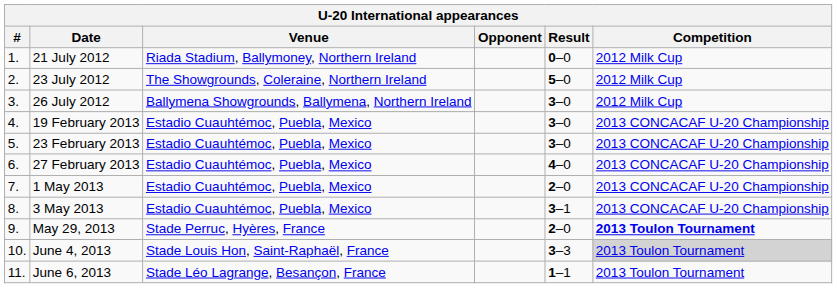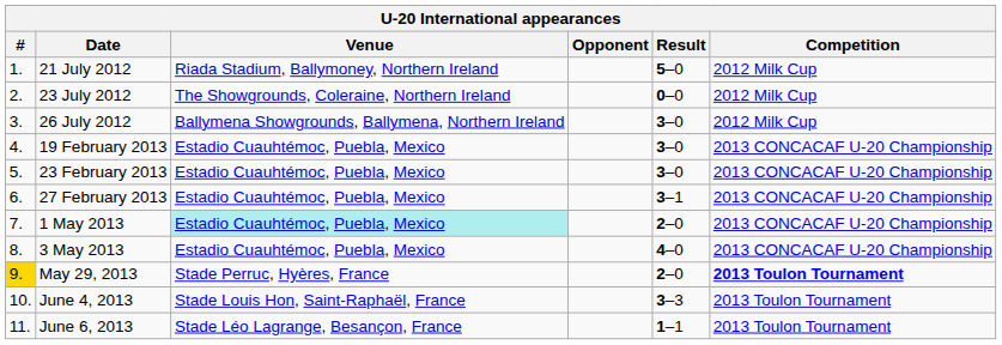 <table class="wikitable collapsible collapsed" style="font-size:90%">
 <tr>
 <th colspan="7"><strong> U-20 International appearances</strong></th>
 </tr>
 <tr>
 <th>#</th>
 <th>Date</th>
 <th>Venue</th>
 <th>Opponent</th>
 <th>Result</th>
 <th>Competition</th>
 </tr>
 <tr>
 <td>1.</td>
 <td>21 July 2012</td>
 <td><a href='#'>Riada Stadium</a>, <a href='#'>Ballymoney</a>, <a href='#'>Northern Ireland</a></td>
 <td></td>
-<td><strong>0</strong>–0</td>
+<td><strong>5</strong>–0</td>
 <td><a href='#'>2012 Milk Cup</a></td>
 </tr>
 <tr>
 <td>2.</td>
 <td>23 July 2012</td>
 <td><a href='#'>The Showgrounds</a>, <a href='#'>Coleraine</a>, <a href='#'>Northern Ireland</a></td>
 <td></td>
-<td><strong>5</strong>–0</td>
+<td><strong>0</strong>–0</td>
 <td><a href='#'>2012 Milk Cup</a></td>
 </tr>
 <tr>
 <td>3.</td>
 <td>26 July 2012</td>
 <td><a href='#'>Ballymena Showgrounds</a>, <a href='#'>Ballymena</a>, <a href='#'>Northern Ireland</a></td>
 <td></td>
 <td><strong>3</strong>–0</td>
 <td><a href='#'>2012 Milk Cup</a></td>
 </tr>
 <tr>
 <td>4.</td>
 <td>19 February 2013</td>
 <td><a href='#'>Estadio Cuauhtémoc</a>, <a href='#'>Puebla</a>, <a href='#'>Mexico</a></td>
 <td></td>
 <td><strong>3</strong>–0</td>
 <td><a href='#'>2013 CONCACAF U-20 Championship</a></td>
 </tr>
 <tr>
 <td>5.</td>
 <td>23 February 2013</td>
 <td><a href='#'>Estadio Cuauhtémoc</a>, <a href='#'>Puebla</a>, <a href='#'>Mexico</a></td>
 <td></td>
 <td><strong>3</strong>–0</td>
 <td><a href='#'>2013 CONCACAF U-20 Championship</a></td>
 </tr>
 <tr>
 <td>6.</td>
 <td>27 February 2013</td>
 <td><a href='#'>Estadio Cuauhtémoc</a>, <a href='#'>Puebla</a>, <a href='#'>Mexico</a></td>
 <td></td>
-<td><strong>4</strong>–0</td>
+<td><strong>3</strong>–1</td>
 <td><a href='#'>2013 CONCACAF U-20 Championship</a></td>
 </tr>
 <tr>
 <td>7.</td>
 <td>1 May 2013</td>
-<td><a href='#'>Estadio Cuauhtémoc</a>, <a href='#'>Puebla</a>, <a href='#'>Mexico</a></td>
+<td style="background: paleturquoise;"><a href='#'>Estadio Cuauhtémoc</a>, <a href='#'>Puebla</a>, <a href='#'>Mexico</a></td>
 <td></td>
 <td><strong>2</strong>–0</td>
 <td><a href='#'>2013 CONCACAF U-20 Championship</a></td>
 </tr>
 <tr>
 <td>8.</td>
 <td>3 May 2013</td>
 <td><a href='#'>Estadio Cuauhtémoc</a>, <a href='#'>Puebla</a>, <a href='#'>Mexico</a></td>
 <td></td>
-<td><strong>3</strong>–1</td>
+<td><strong>4</strong>–0</td>
 <td><a href='#'>2013 CONCACAF U-20 Championship</a></td>
 </tr>
 <tr>
-<td>9.</td>
+<td style="background: gold;">9.</td>
 <td>May 29, 2013</td>
 <td><a href='#'>Stade Perruc</a>, <a href='#'>Hyères</a>, <a href='#'>France</a></td>
 <td></td>
 <td><strong>2</strong>–0</td>
 <td><strong><a href='#'>2013 Toulon Tournament</a></strong></td>
 </tr>
 <tr>
 <td>10.</td>
 <td>June 4, 2013</td>
 <td><a href='#'>Stade Louis Hon</a>, <a href='#'>Saint-Raphaël</a>, <a href='#'>France</a></td>
 <td></td>
 <td><strong>3</strong>–3</td>
-<td style="background: lightgrey;"><a href='#'>2013 Toulon Tournament</a></td>
+<td><a href='#'>2013 Toulon Tournament</a></td>
 </tr>
 <tr>
 <td>11.</td>
 <td>June 6, 2013</td>
 <td><a href='#'>Stade Léo Lagrange</a>, <a href='#'>Besançon</a>, <a href='#'>France</a></td>
 <td></td>
 <td><strong>1</strong>–1</td>
 <td><a href='#'>2013 Toulon Tournament</a></td>
 </tr>
 </table>
